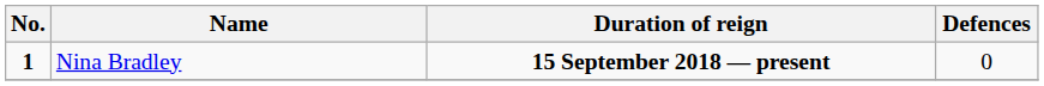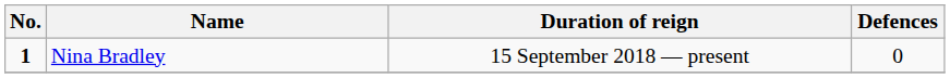 <table class="wikitable" width=80%>
 <tr>
 <th width=3%>No.</th>
 <th width=37%>Name</th>
 <th width=50%>Duration of reign</th>
 <th width=10%>Defences<br></th>
 </tr>
 <tr align=center>
 <td><strong>1</strong></td>
 <td align=left> <a href='#'>Nina Bradley</a></td>
-<td><strong>15 September 2018 — present</strong></td>
+<td>15 September 2018 — present</td>
 <td>0</td>
 </tr>
 <tr align=center>
 </tr>
 </table>
